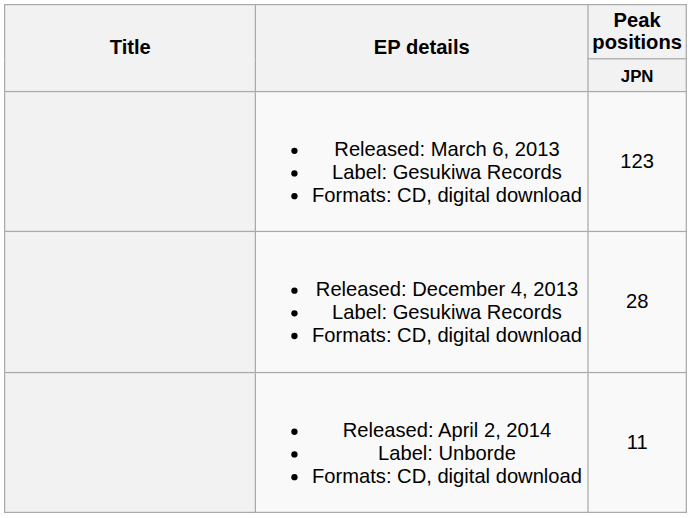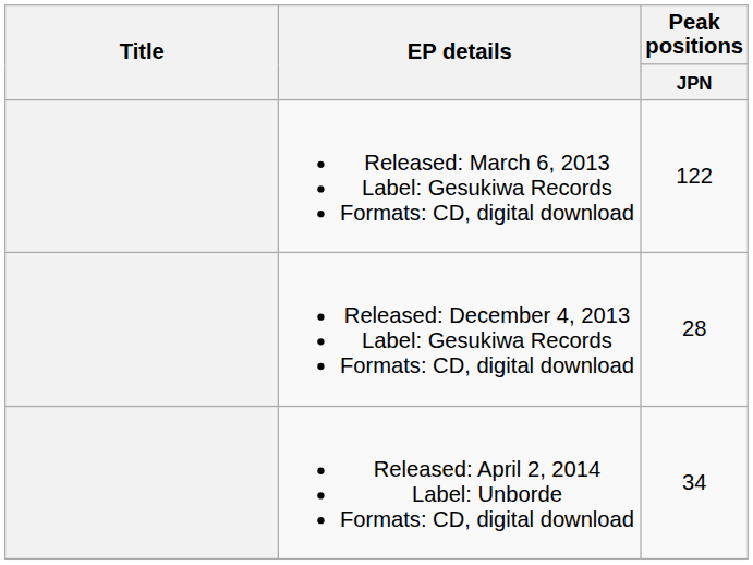 <table class="wikitable plainrowheaders" style="text-align:center;">
 <tr>
 <th style="width:12em;" rowspan="2">Title</th>
 <th style="width:16em;" rowspan="2">EP details</th>
 <th colspan="1">Peak positions</th>
 </tr>
 <tr>
 <th style="width:2.5em;"><small>JPN</small><br></th>
 </tr>
 <tr>
 <th scope="row"></th>
 <td><br><ul><li>Released: March 6, 2013 </li><li>Label: Gesukiwa Records</li><li>Formats: CD, digital download</li></ul></td>
-<td>123</td>
+<td>122</td>
 </tr>
 <tr>
 <th scope="row"></th>
 <td><br><ul><li>Released: December 4, 2013 </li><li>Label: Gesukiwa Records</li><li>Formats: CD, digital download</li></ul></td>
 <td>28</td>
 </tr>
 <tr>
 <th scope="row"></th>
 <td><br><ul><li>Released: April 2, 2014 </li><li>Label: Unborde</li><li>Formats: CD, digital download</li></ul></td>
-<td>11</td>
+<td>34</td>
 </tr>
 </table>
